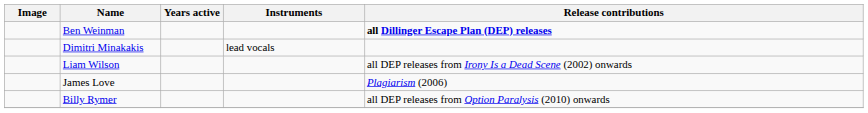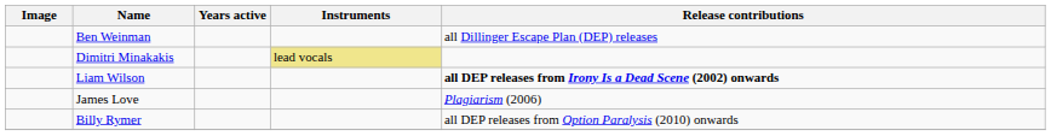 <table class="wikitable" border="1" width="100%">
 <tr>
 <th width="75">Image</th>
 <th width="140">Name</th>
 <th width="85">Years active</th>
 <th width="200">Instruments</th>
 <th>Release contributions</th>
 </tr>
 <tr>
 <td></td>
 <td><a href='#'>Ben Weinman</a></td>
 <td></td>
 <td></td>
-<td><strong>all <a href='#'>Dillinger Escape Plan (DEP) releases</a></strong></td>
+<td>all <a href='#'>Dillinger Escape Plan (DEP) releases</a></td>
 </tr>
 <tr>
 <td></td>
 <td><a href='#'>Dimitri Minakakis</a></td>
 <td></td>
-<td>lead vocals</td>
+<td style="background: khaki;">lead vocals</td>
 <td></td>
 </tr>
 <tr>
 <td></td>
 <td><a href='#'>Liam Wilson</a></td>
 <td></td>
 <td></td>
-<td>all DEP releases from <em><a href='#'>Irony Is a Dead Scene</a></em> (2002) onwards</td>
+<td><strong>all DEP releases from <em><a href='#'>Irony Is a Dead Scene</a></em> (2002) onwards</strong></td>
 </tr>
 <tr>
 <td></td>
 <td>James Love</td>
 <td></td>
 <td></td>
 <td><em><a href='#'>Plagiarism</a></em> (2006)</td>
 </tr>
 <tr>
 <td></td>
 <td><a href='#'>Billy Rymer</a></td>
 <td></td>
 <td></td>
 <td>all DEP releases from <em><a href='#'>Option Paralysis</a></em> (2010) onwards</td>
 </tr>
 <tr>
 </tr>
 </table>
